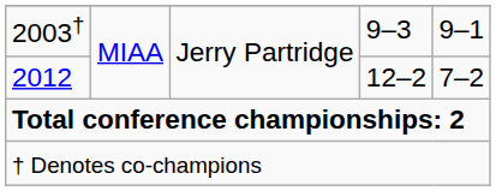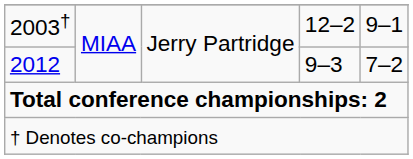 <table class="wikitable" style="width: ;">
 <tr>
 </tr>
 <tr>
 <td>2003<sup>†</sup></td>
 <td rowspan="2"><a href='#'>MIAA</a></td>
 <td rowspan="2">Jerry Partridge</td>
-<td>9–3</td>
+<td>12–2</td>
 <td>9–1</td>
 </tr>
 <tr>
 <td><a href='#'>2012</a></td>
-<td>12–2</td>
+<td>9–3</td>
 <td>7–2</td>
 </tr>
 <tr>
 <td colspan=5><strong>Total conference championships: 2</strong></td>
 </tr>
 <tr>
 <td colspan=7><small>† Denotes co-champions</small></td>
 </tr>
 </table>
